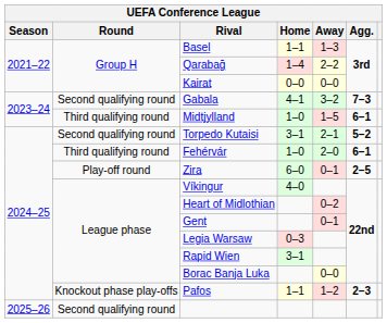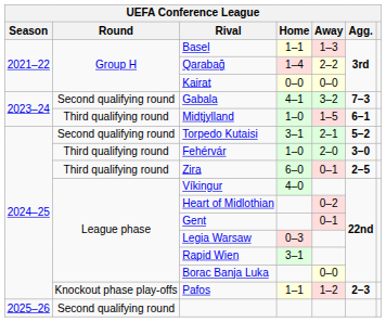 <table class="wikitable">
 <tr>
 <th colspan=7>UEFA Conference League</th>
 </tr>
 <tr>
 <th>Season</th>
 <th>Round</th>
 <th>Rival</th>
 <th>Home</th>
 <th>Away</th>
 <th>Agg.</th>
 <th></th>
 </tr>
 <tr>
 <td style="text-align:center;" rowspan=3><a href='#'>2021–22</a></td>
 <td style="text-align:center;" rowspan=3><a href='#'>Group H</a></td>
 <td> <a href='#'>Basel</a></td>
 <td style="text-align:center; background:#ffd">1–1</td>
 <td style="text-align:center; background:#fdd">1–3</td>
 <td rowspan="3" style="text-align:center;"><strong>3rd</strong></td>
 <td rowspan="3"></td>
 </tr>
 <tr>
 <td> <a href='#'>Qarabağ</a></td>
 <td style="text-align:center; background:#fdd">1–4</td>
 <td style="text-align:center; background:#ffd">2–2</td>
 </tr>
 <tr>
 <td> <a href='#'>Kairat</a></td>
 <td style="text-align:center; background:#ffd">0–0</td>
 <td style="text-align:center; background:#ffd">0–0</td>
 </tr>
 <tr>
 <td style="text-align:center;" rowspan=2><a href='#'>2023–24</a></td>
 <td style="text-align:center;">Second qualifying round</td>
 <td> <a href='#'>Gabala</a></td>
 <td style="text-align:center; background:#dfd">4–1</td>
 <td style="text-align:center; background:#dfd">3–2</td>
 <td style="text-align:center;"><strong>7–3</strong></td>
 <td></td>
 </tr>
 <tr>
 <td style="text-align:center;">Third qualifying round</td>
 <td> <a href='#'>Midtjylland</a></td>
 <td style="text-align:center; background:#dfd">1–0</td>
 <td style="text-align:center; background:#fdd">1–5</td>
 <td style="text-align:center;"><strong>6–1</strong></td>
 <td></td>
 </tr>
 <tr>
 <td rowspan="10" style="text-align:center;"><a href='#'>2024–25</a></td>
 <td style="text-align:center;">Second qualifying round</td>
 <td> <a href='#'>Torpedo Kutaisi</a></td>
 <td style="text-align:center; background:#dfd">3–1</td>
 <td style="text-align:center; background:#dfd">2–1</td>
 <td style="text-align:center;"><strong>5–2</strong></td>
 <td></td>
 </tr>
 <tr>
 <td style="text-align:center;">Third qualifying round</td>
 <td> <a href='#'>Fehérvár</a></td>
 <td style="text-align:center; background:#dfd">1–0</td>
 <td style="text-align:center; background:#dfd">2–0</td>
-<td style="text-align:center;"><strong>6–1</strong></td>
+<td style="text-align:center;"><strong>3–0</strong></td>
 <td></td>
 </tr>
 <tr>
-<td style="text-align:center;">Play-off round</td>
+<td style="text-align:center;">Third qualifying round</td>
 <td> <a href='#'>Zira</a></td>
 <td style="text-align:center; background:#dfd">6–0</td>
 <td style="text-align:center; background:#fdd">0–1</td>
 <td style="text-align:center;"><strong>2–5</strong></td>
 <td></td>
 </tr>
 <tr>
 <td rowspan="6" style="text-align:center;">League phase</td>
 <td> <a href='#'>Víkingur</a></td>
 <td style="text-align:center; background:#dfd">4–0</td>
 <td></td>
 <td rowspan="6" style="text-align:center;"><strong>22nd</strong></td>
 <td rowspan="6"></td>
 </tr>
 <tr>
 <td> <a href='#'>Heart of Midlothian</a></td>
 <td></td>
 <td style="text-align:center; background:#fdd">0–2</td>
 </tr>
 <tr>
 <td> <a href='#'>Gent</a></td>
 <td></td>
 <td style="text-align:center; background:#fdd">0–1</td>
 </tr>
 <tr>
 <td> <a href='#'>Legia Warsaw</a></td>
 <td style="text-align:center; background:#fdd">0–3</td>
 <td></td>
 </tr>
 <tr>
 <td> <a href='#'>Rapid Wien</a></td>
 <td style="text-align:center; background:#dfd">3–1</td>
 <td></td>
 </tr>
 <tr>
 <td> <a href='#'>Borac Banja Luka</a></td>
 <td></td>
 <td style="text-align:center; background:#ffd">0–0</td>
 </tr>
 <tr>
 <td style="text-align:center;">Knockout phase play-offs</td>
 <td> <a href='#'>Pafos</a></td>
 <td style="text-align:center; background:#ffd">1–1</td>
 <td style="text-align:center; background:#fdd">1–2</td>
 <td style="text-align:center;"><strong>2–3</strong></td>
 <td></td>
 </tr>
 <tr>
 <td style="text-align:center;"><a href='#'>2025–26</a></td>
 <td style="text-align:center;">Second qualifying round</td>
 <td></td>
 <td style="text-align:center;"></td>
 <td style="text-align:center;"></td>
 <td style="text-align:center;"></td>
 <td></td>
 </tr>
 </table>
